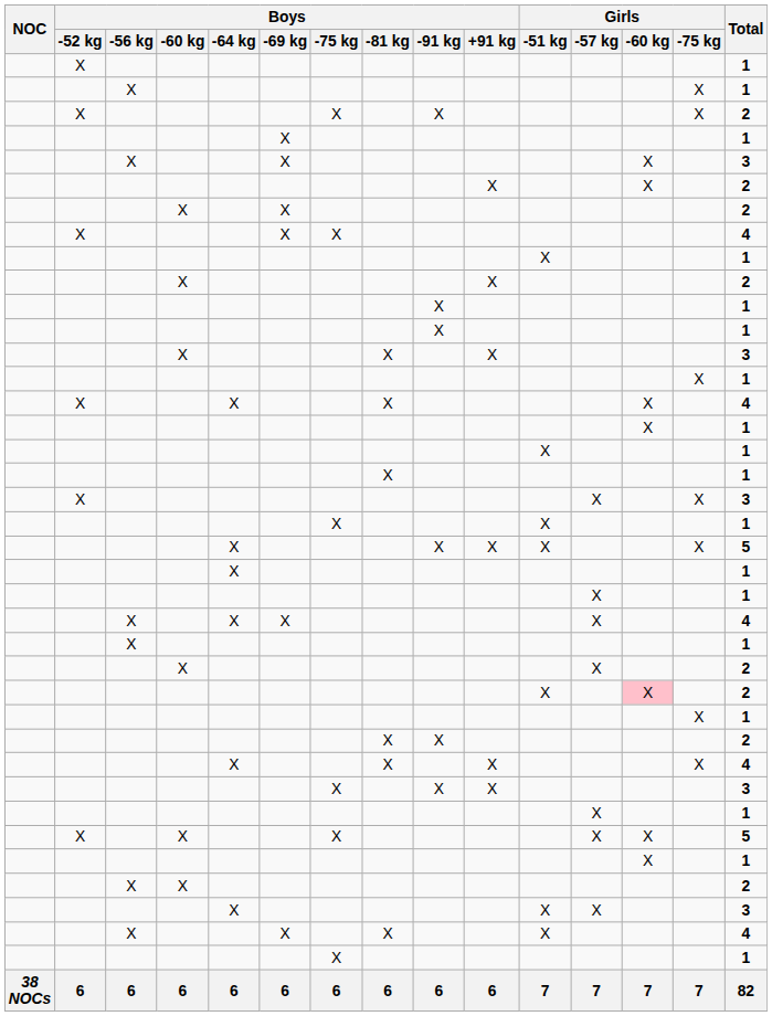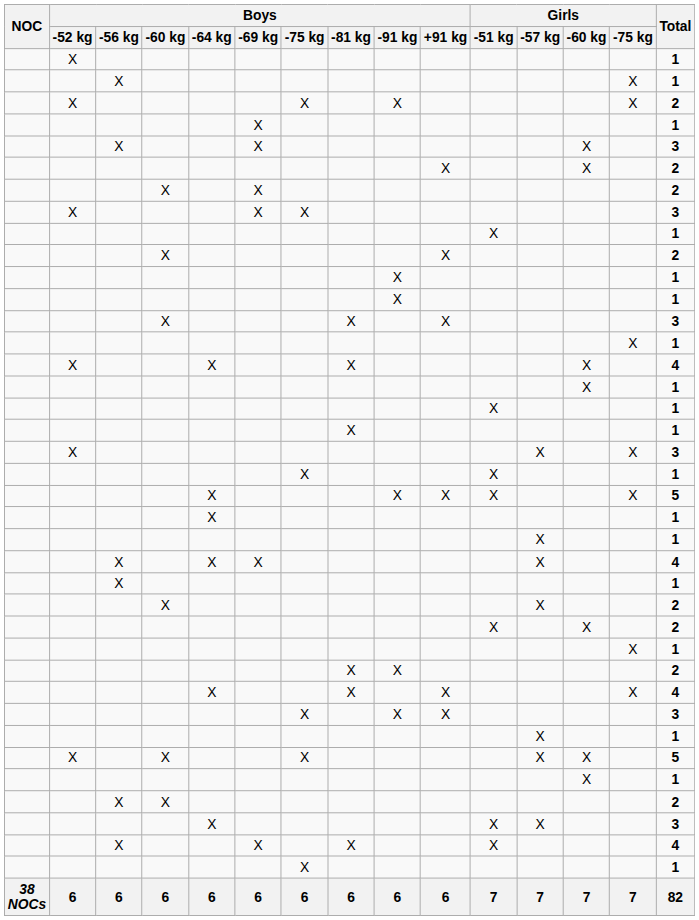 <table class="wikitable sortable" style="text-align:center; font-size:90%">
 <tr>
 <th rowspan="2" width=200 align="left">NOC</th>
 <th colspan="9">Boys</th>
 <th colspan="4">Girls</th>
 <th width=55 rowspan="2">Total</th>
 </tr>
 <tr>
 <th width=45>-52 kg</th>
 <th width=45>-56 kg</th>
 <th width=45>-60 kg</th>
 <th width=45>-64 kg</th>
 <th width=45>-69 kg</th>
 <th width=45>-75 kg</th>
 <th width=45>-81 kg</th>
 <th width=45>-91 kg</th>
 <th width=45>+91 kg</th>
 <th width=45>-51 kg</th>
 <th width=45>-57 kg</th>
 <th width=45>-60 kg</th>
 <th width=45>-75 kg</th>
 </tr>
 <tr>
 <td align=left></td>
 <td>X</td>
 <td></td>
 <td></td>
 <td></td>
 <td></td>
 <td></td>
 <td></td>
 <td></td>
 <td></td>
 <td></td>
 <td></td>
 <td></td>
 <td></td>
 <td><strong>1</strong></td>
 </tr>
 <tr>
 <td align=left></td>
 <td></td>
 <td>X</td>
 <td></td>
 <td></td>
 <td></td>
 <td></td>
 <td></td>
 <td></td>
 <td></td>
 <td></td>
 <td></td>
 <td></td>
 <td>X</td>
 <td><strong>1</strong></td>
 </tr>
 <tr>
 <td align=left></td>
 <td>X</td>
 <td></td>
 <td></td>
 <td></td>
 <td></td>
 <td>X</td>
 <td></td>
 <td>X</td>
 <td></td>
 <td></td>
 <td></td>
 <td></td>
 <td>X</td>
 <td><strong>2</strong></td>
 </tr>
 <tr>
 <td align=left></td>
 <td></td>
 <td></td>
 <td></td>
 <td></td>
 <td>X</td>
 <td></td>
 <td></td>
 <td></td>
 <td></td>
 <td></td>
 <td></td>
 <td></td>
 <td></td>
 <td><strong>1</strong></td>
 </tr>
 <tr>
 <td align=left></td>
 <td></td>
 <td>X</td>
 <td></td>
 <td></td>
 <td>X</td>
 <td></td>
 <td></td>
 <td></td>
 <td></td>
 <td></td>
 <td></td>
 <td>X</td>
 <td></td>
 <td><strong>3</strong></td>
 </tr>
 <tr>
 <td align=left></td>
 <td></td>
 <td></td>
 <td></td>
 <td></td>
 <td></td>
 <td></td>
 <td></td>
 <td></td>
 <td>X</td>
 <td></td>
 <td></td>
 <td>X</td>
 <td></td>
 <td><strong>2</strong></td>
 </tr>
 <tr>
 <td align=left></td>
 <td></td>
 <td></td>
 <td>X</td>
 <td></td>
 <td>X</td>
 <td></td>
 <td></td>
 <td></td>
 <td></td>
 <td></td>
 <td></td>
 <td></td>
 <td></td>
 <td><strong>2</strong></td>
 </tr>
 <tr>
 <td align=left></td>
 <td>X</td>
 <td></td>
 <td></td>
 <td></td>
 <td>X</td>
 <td>X</td>
 <td></td>
 <td></td>
 <td></td>
 <td></td>
 <td></td>
 <td></td>
 <td></td>
-<td><strong>4</strong></td>
+<td><strong>3</strong></td>
 </tr>
 <tr>
 <td align=left></td>
 <td></td>
 <td></td>
 <td></td>
 <td></td>
 <td></td>
 <td></td>
 <td></td>
 <td></td>
 <td></td>
 <td>X</td>
 <td></td>
 <td></td>
 <td></td>
 <td><strong>1</strong></td>
 </tr>
 <tr>
 <td align=left></td>
 <td></td>
 <td></td>
 <td>X</td>
 <td></td>
 <td></td>
 <td></td>
 <td></td>
 <td></td>
 <td>X</td>
 <td></td>
 <td></td>
 <td></td>
 <td></td>
 <td><strong>2</strong></td>
 </tr>
 <tr>
 <td align=left></td>
 <td></td>
 <td></td>
 <td></td>
 <td></td>
 <td></td>
 <td></td>
 <td></td>
 <td>X</td>
 <td></td>
 <td></td>
 <td></td>
 <td></td>
 <td></td>
 <td><strong>1</strong></td>
 </tr>
 <tr>
 <td align=left></td>
 <td></td>
 <td></td>
 <td></td>
 <td></td>
 <td></td>
 <td></td>
 <td></td>
 <td>X</td>
 <td></td>
 <td></td>
 <td></td>
 <td></td>
 <td></td>
 <td><strong>1</strong></td>
 </tr>
 <tr>
 <td align=left></td>
 <td></td>
 <td></td>
 <td>X</td>
 <td></td>
 <td></td>
 <td></td>
 <td>X</td>
 <td></td>
 <td>X</td>
 <td></td>
 <td></td>
 <td></td>
 <td></td>
 <td><strong>3</strong></td>
 </tr>
 <tr>
 <td align=left></td>
 <td></td>
 <td></td>
 <td></td>
 <td></td>
 <td></td>
 <td></td>
 <td></td>
 <td></td>
 <td></td>
 <td></td>
 <td></td>
 <td></td>
 <td>X</td>
 <td><strong>1</strong></td>
 </tr>
 <tr>
 <td align=left></td>
 <td>X</td>
 <td></td>
 <td></td>
 <td>X</td>
 <td></td>
 <td></td>
 <td>X</td>
 <td></td>
 <td></td>
 <td></td>
 <td></td>
 <td>X</td>
 <td></td>
 <td><strong>4</strong></td>
 </tr>
 <tr>
 <td align=left></td>
 <td></td>
 <td></td>
 <td></td>
 <td></td>
 <td></td>
 <td></td>
 <td></td>
 <td></td>
 <td></td>
 <td></td>
 <td></td>
 <td>X</td>
 <td></td>
 <td><strong>1</strong></td>
 </tr>
 <tr>
 <td align=left></td>
 <td></td>
 <td></td>
 <td></td>
 <td></td>
 <td></td>
 <td></td>
 <td></td>
 <td></td>
 <td></td>
 <td>X</td>
 <td></td>
 <td></td>
 <td></td>
 <td><strong>1</strong></td>
 </tr>
 <tr>
 <td align=left></td>
 <td></td>
 <td></td>
 <td></td>
 <td></td>
 <td></td>
 <td></td>
 <td>X</td>
 <td></td>
 <td></td>
 <td></td>
 <td></td>
 <td></td>
 <td></td>
 <td><strong>1</strong></td>
 </tr>
 <tr>
 <td align=left></td>
 <td>X</td>
 <td></td>
 <td></td>
 <td></td>
 <td></td>
 <td></td>
 <td></td>
 <td></td>
 <td></td>
 <td></td>
 <td>X</td>
 <td></td>
 <td>X</td>
 <td><strong>3</strong></td>
 </tr>
 <tr>
 <td align=left></td>
 <td></td>
 <td></td>
 <td></td>
 <td></td>
 <td></td>
 <td>X</td>
 <td></td>
 <td></td>
 <td></td>
 <td>X</td>
 <td></td>
 <td></td>
 <td></td>
 <td><strong>1</strong></td>
 </tr>
 <tr>
 <td align=left></td>
 <td></td>
 <td></td>
 <td></td>
 <td>X</td>
 <td></td>
 <td></td>
 <td></td>
 <td>X</td>
 <td>X</td>
 <td>X</td>
 <td></td>
 <td></td>
 <td>X</td>
 <td><strong>5</strong></td>
 </tr>
 <tr>
 <td align=left></td>
 <td></td>
 <td></td>
 <td></td>
 <td>X</td>
 <td></td>
 <td></td>
 <td></td>
 <td></td>
 <td></td>
 <td></td>
 <td></td>
 <td></td>
 <td></td>
 <td><strong>1</strong></td>
 </tr>
 <tr>
 <td align=left></td>
 <td></td>
 <td></td>
 <td></td>
 <td></td>
 <td></td>
 <td></td>
 <td></td>
 <td></td>
 <td></td>
 <td></td>
 <td>X</td>
 <td></td>
 <td></td>
 <td><strong>1</strong></td>
 </tr>
 <tr>
 <td align=left></td>
 <td></td>
 <td>X</td>
 <td></td>
 <td>X</td>
 <td>X</td>
 <td></td>
 <td></td>
 <td></td>
 <td></td>
 <td></td>
 <td>X</td>
 <td></td>
 <td></td>
 <td><strong>4</strong></td>
 </tr>
 <tr>
 <td align=left></td>
 <td></td>
 <td>X</td>
 <td></td>
 <td></td>
 <td></td>
 <td></td>
 <td></td>
 <td></td>
 <td></td>
 <td></td>
 <td></td>
 <td></td>
 <td></td>
 <td><strong>1</strong></td>
 </tr>
 <tr>
 <td align=left></td>
 <td></td>
 <td></td>
 <td>X</td>
 <td></td>
 <td></td>
 <td></td>
 <td></td>
 <td></td>
 <td></td>
 <td></td>
 <td>X</td>
 <td></td>
 <td></td>
 <td><strong>2</strong></td>
 </tr>
 <tr>
 <td align=left></td>
 <td></td>
 <td></td>
 <td></td>
 <td></td>
 <td></td>
 <td></td>
 <td></td>
 <td></td>
 <td></td>
 <td>X</td>
 <td></td>
-<td style="background: pink;">X</td>
+<td>X</td>
 <td></td>
 <td><strong>2</strong></td>
 </tr>
 <tr>
 <td align=left></td>
 <td></td>
 <td></td>
 <td></td>
 <td></td>
 <td></td>
 <td></td>
 <td></td>
 <td></td>
 <td></td>
 <td></td>
 <td></td>
 <td></td>
 <td>X</td>
 <td><strong>1</strong></td>
 </tr>
 <tr>
 <td align=left></td>
 <td></td>
 <td></td>
 <td></td>
 <td></td>
 <td></td>
 <td></td>
 <td>X</td>
 <td>X</td>
 <td></td>
 <td></td>
 <td></td>
 <td></td>
 <td></td>
 <td><strong>2</strong></td>
 </tr>
 <tr>
 <td align=left></td>
 <td></td>
 <td></td>
 <td></td>
 <td>X</td>
 <td></td>
 <td></td>
 <td>X</td>
 <td></td>
 <td>X</td>
 <td></td>
 <td></td>
 <td></td>
 <td>X</td>
 <td><strong>4</strong></td>
 </tr>
 <tr>
 <td align=left></td>
 <td></td>
 <td></td>
 <td></td>
 <td></td>
 <td></td>
 <td>X</td>
 <td></td>
 <td>X</td>
 <td>X</td>
 <td></td>
 <td></td>
 <td></td>
 <td></td>
 <td><strong>3</strong></td>
 </tr>
 <tr>
 <td align=left></td>
 <td></td>
 <td></td>
 <td></td>
 <td></td>
 <td></td>
 <td></td>
 <td></td>
 <td></td>
 <td></td>
 <td></td>
 <td>X</td>
 <td></td>
 <td></td>
 <td><strong>1</strong></td>
 </tr>
 <tr>
 <td align=left></td>
 <td>X</td>
 <td></td>
 <td>X</td>
 <td></td>
 <td></td>
 <td>X</td>
 <td></td>
 <td></td>
 <td></td>
 <td></td>
 <td>X</td>
 <td>X</td>
 <td></td>
 <td><strong>5</strong></td>
 </tr>
 <tr>
 <td align=left></td>
 <td></td>
 <td></td>
 <td></td>
 <td></td>
 <td></td>
 <td></td>
 <td></td>
 <td></td>
 <td></td>
 <td></td>
 <td></td>
 <td>X</td>
 <td></td>
 <td><strong>1</strong></td>
 </tr>
 <tr>
 <td align=left></td>
 <td></td>
 <td>X</td>
 <td>X</td>
 <td></td>
 <td></td>
 <td></td>
 <td></td>
 <td></td>
 <td></td>
 <td></td>
 <td></td>
 <td></td>
 <td></td>
 <td><strong>2</strong></td>
 </tr>
 <tr>
 <td align=left></td>
 <td></td>
 <td></td>
 <td></td>
 <td>X</td>
 <td></td>
 <td></td>
 <td></td>
 <td></td>
 <td></td>
 <td>X</td>
 <td>X</td>
 <td></td>
 <td></td>
 <td><strong>3</strong></td>
 </tr>
 <tr>
 <td align=left></td>
 <td></td>
 <td>X</td>
 <td></td>
 <td></td>
 <td>X</td>
 <td></td>
 <td>X</td>
 <td></td>
 <td></td>
 <td>X</td>
 <td></td>
 <td></td>
 <td></td>
 <td><strong>4</strong></td>
 </tr>
 <tr>
 <td align=left></td>
 <td></td>
 <td></td>
 <td></td>
 <td></td>
 <td></td>
 <td>X</td>
 <td></td>
 <td></td>
 <td></td>
 <td></td>
 <td></td>
 <td></td>
 <td></td>
 <td><strong>1</strong></td>
 </tr>
 <tr>
 <th><em>38 NOCs</em></th>
 <th>6</th>
 <th>6</th>
 <th>6</th>
 <th>6</th>
 <th>6</th>
 <th>6</th>
 <th>6</th>
 <th>6</th>
 <th>6</th>
 <th>7</th>
 <th>7</th>
 <th>7</th>
 <th>7</th>
 <th>82</th>
 </tr>
 </table>
